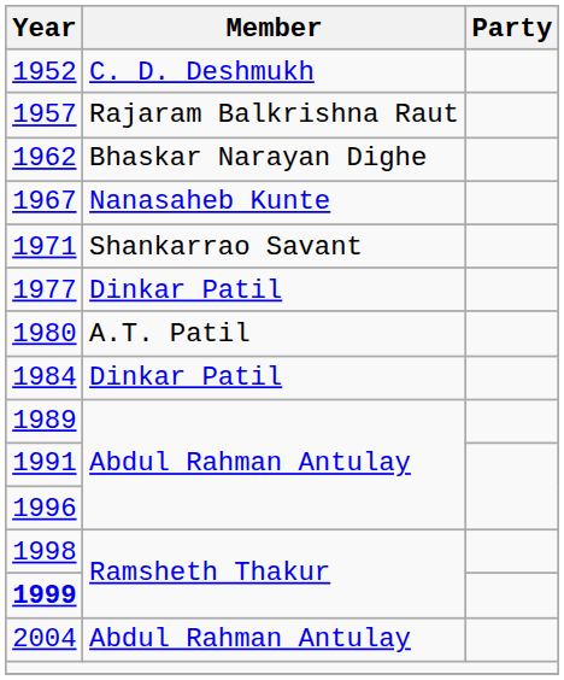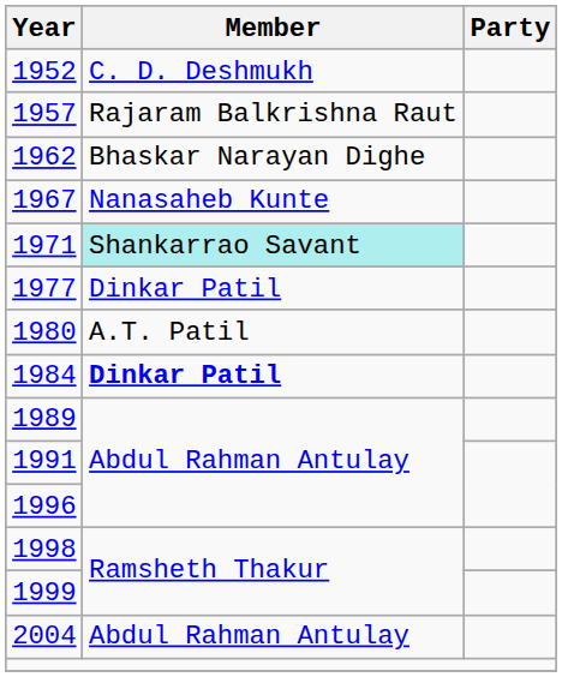 <table class="wikitable sortable">
 <tr>
 <th>Year</th>
 <th>Member</th>
 <th colspan="2">Party</th>
 </tr>
 <tr>
 <td><a href='#'>1952</a></td>
 <td><a href='#'>C. D. Deshmukh</a></td>
 <td></td>
 </tr>
 <tr>
 <td><a href='#'>1957</a></td>
 <td>Rajaram Balkrishna Raut</td>
 <td></td>
 </tr>
 <tr>
 <td><a href='#'>1962</a></td>
 <td>Bhaskar Narayan Dighe</td>
 <td></td>
 </tr>
 <tr>
 <td><a href='#'>1967</a></td>
 <td><a href='#'>Nanasaheb Kunte</a></td>
 <td></td>
 </tr>
 <tr>
 <td><a href='#'>1971</a></td>
-<td>Shankarrao Savant</td>
+<td style="background: paleturquoise;">Shankarrao Savant</td>
 <td></td>
 </tr>
 <tr>
 <td><a href='#'>1977</a></td>
 <td><a href='#'>Dinkar Patil</a></td>
 <td></td>
 </tr>
 <tr>
 <td><a href='#'>1980</a></td>
 <td>A.T. Patil</td>
 <td></td>
 </tr>
 <tr>
 <td><a href='#'>1984</a></td>
-<td><a href='#'>Dinkar Patil</a></td>
+<td><strong><a href='#'>Dinkar Patil</a></strong></td>
 <td></td>
 </tr>
 <tr>
 <td><a href='#'>1989</a></td>
 <td rowspan="3"><a href='#'>Abdul Rahman Antulay</a></td>
 <td></td>
 </tr>
 <tr>
 <td><a href='#'>1991</a></td>
 </tr>
 <tr>
 <td><a href='#'>1996</a></td>
 </tr>
 <tr>
 <td><a href='#'>1998</a></td>
 <td rowspan="2"><a href='#'>Ramsheth Thakur</a></td>
 <td></td>
 </tr>
 <tr>
-<td><strong><a href='#'>1999</a></strong></td>
+<td><a href='#'>1999</a></td>
 </tr>
 <tr>
 <td><a href='#'>2004</a></td>
 <td><a href='#'>Abdul Rahman Antulay</a></td>
 <td></td>
 </tr>
 <tr>
 <td colspan="4"></td>
 </tr>
 <tr>
 </tr>
 </table>
